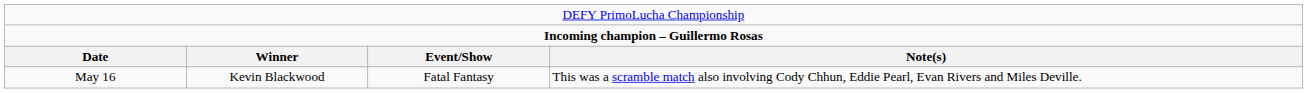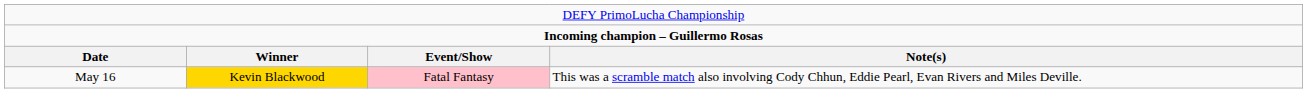 <table class="wikitable" style="text-align:center; width:100%;">
 <tr>
 <td colspan="4" style="text-align: center;"><a href='#'>DEFY PrimoLucha Championship</a></td>
 </tr>
 <tr>
 <td colspan="4" style="text-align: center;"><strong>Incoming champion – Guillermo Rosas</strong></td>
 </tr>
 <tr>
 <th width=14%>Date</th>
 <th width=14%>Winner</th>
 <th width=14%>Event/Show</th>
 <th width=58%>Note(s)</th>
 </tr>
 <tr>
 <td>May 16</td>
-<td>Kevin Blackwood</td>
-<td>Fatal Fantasy</td>
+<td style="background: gold;">Kevin Blackwood</td>
+<td style="background: pink;">Fatal Fantasy</td>
 <td align=left>This was a <a href='#'>scramble match</a> also involving Cody Chhun, Eddie Pearl, Evan Rivers and Miles Deville.</td>
 </tr>
 </table>
